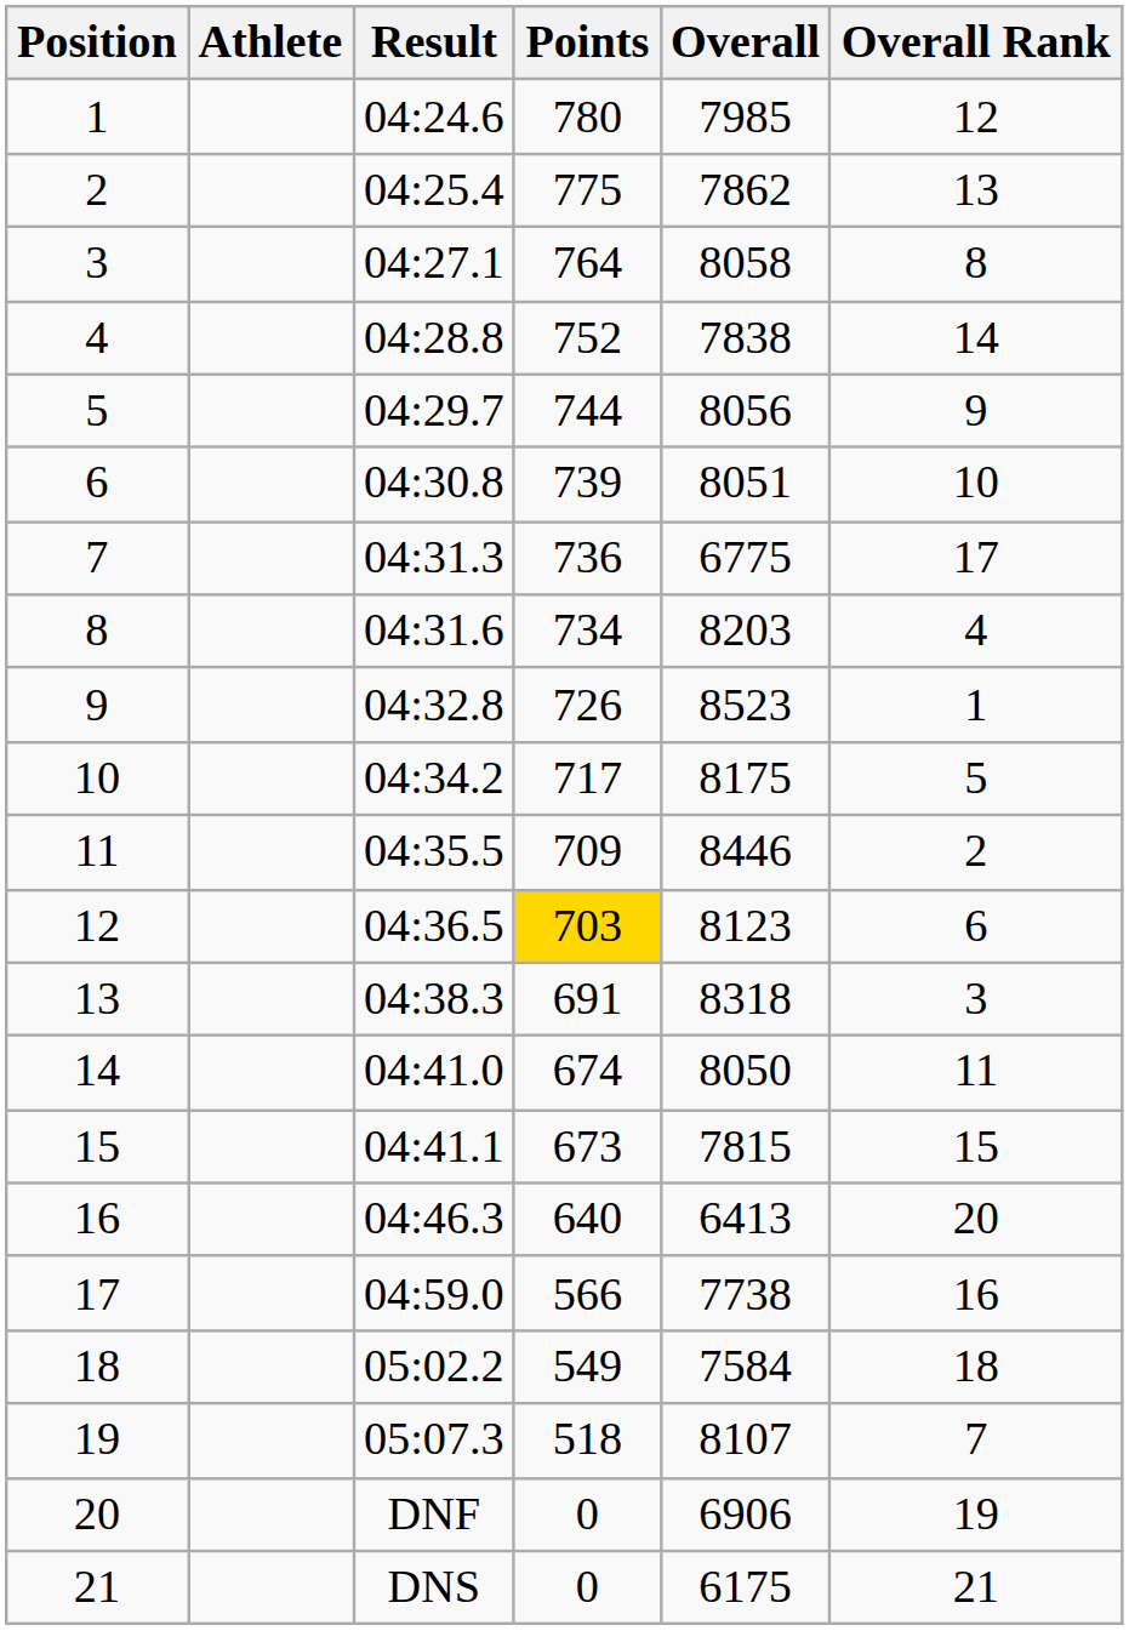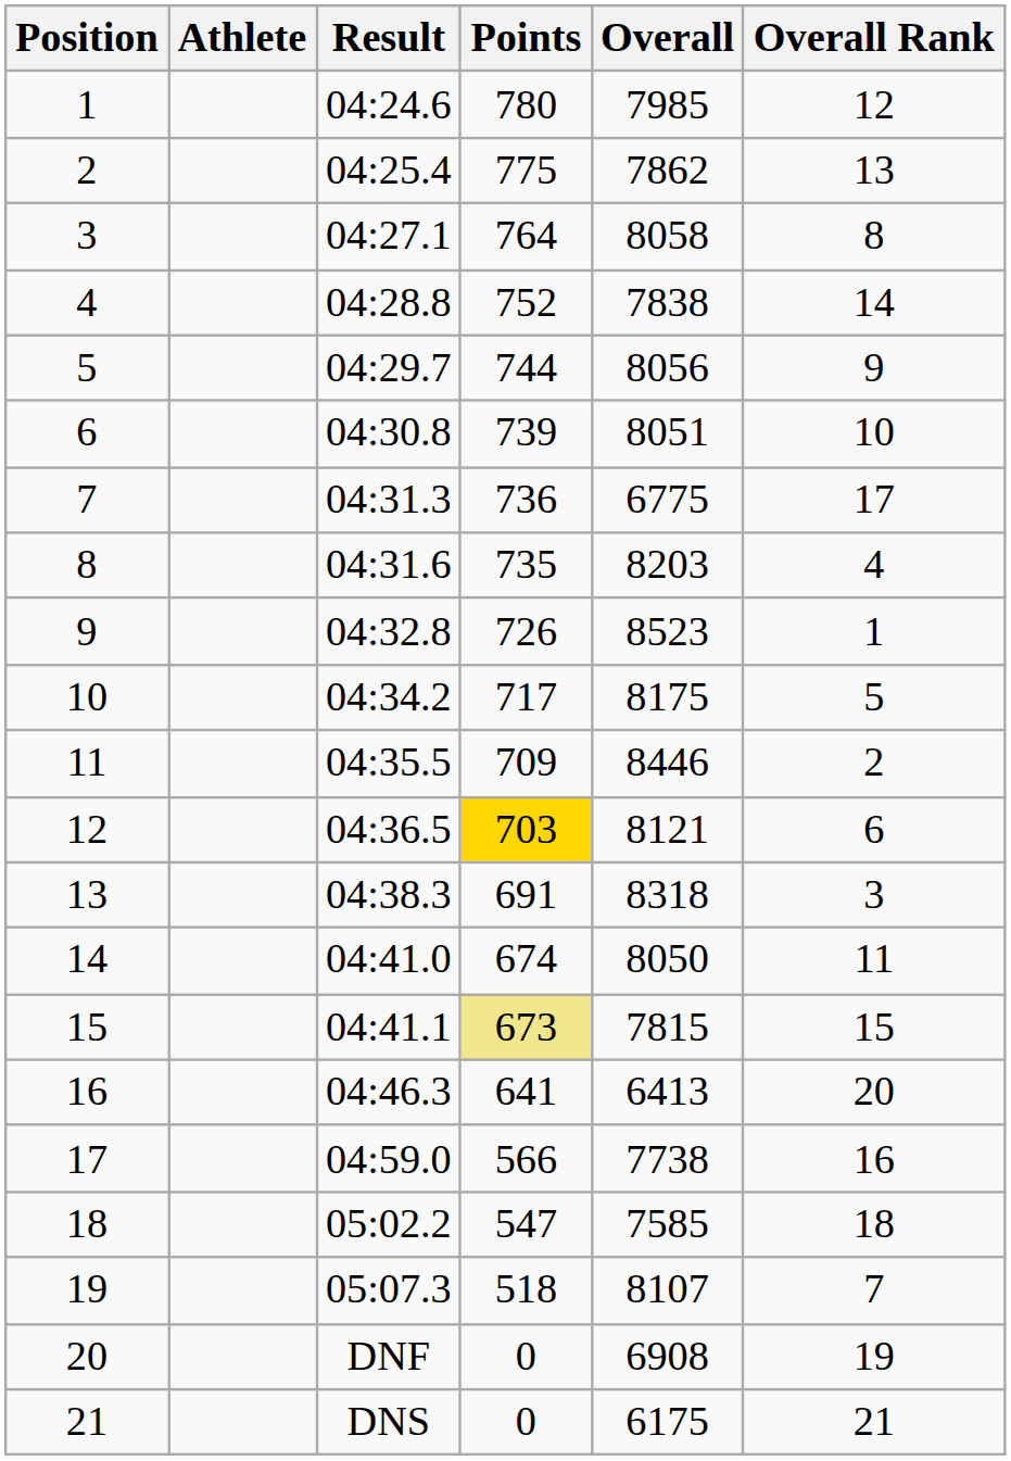 <table class="wikitable sortable" style="text-align:center">
 <tr>
 <th>Position</th>
 <th>Athlete</th>
 <th>Result</th>
 <th>Points</th>
 <th>Overall</th>
 <th>Overall Rank</th>
 </tr>
 <tr>
 <td>1</td>
 <td align=left></td>
 <td>04:24.6</td>
 <td>780</td>
 <td>7985</td>
 <td>12</td>
 </tr>
 <tr>
 <td>2</td>
 <td align=left></td>
 <td>04:25.4</td>
 <td>775</td>
 <td>7862</td>
 <td>13</td>
 </tr>
 <tr>
 <td>3</td>
 <td align=left></td>
 <td>04:27.1</td>
 <td>764</td>
 <td>8058</td>
 <td>8</td>
 </tr>
 <tr>
 <td>4</td>
 <td align=left></td>
 <td>04:28.8</td>
 <td>752</td>
 <td>7838</td>
 <td>14</td>
 </tr>
 <tr>
 <td>5</td>
 <td align=left></td>
 <td>04:29.7</td>
 <td>744</td>
 <td>8056</td>
 <td>9</td>
 </tr>
 <tr>
 <td>6</td>
 <td align=left></td>
 <td>04:30.8</td>
 <td>739</td>
 <td>8051</td>
 <td>10</td>
 </tr>
 <tr>
 <td>7</td>
 <td align=left></td>
 <td>04:31.3</td>
 <td>736</td>
 <td>6775</td>
 <td>17</td>
 </tr>
 <tr>
 <td>8</td>
 <td align=left></td>
 <td>04:31.6</td>
-<td>734</td>
+<td>735</td>
 <td>8203</td>
 <td>4</td>
 </tr>
 <tr>
 <td>9</td>
 <td align=left></td>
 <td>04:32.8</td>
 <td>726</td>
 <td>8523</td>
 <td>1</td>
 </tr>
 <tr>
 <td>10</td>
 <td align=left></td>
 <td>04:34.2</td>
 <td>717</td>
 <td>8175</td>
 <td>5</td>
 </tr>
 <tr>
 <td>11</td>
 <td align=left></td>
 <td>04:35.5</td>
 <td>709</td>
 <td>8446</td>
 <td>2</td>
 </tr>
 <tr>
 <td>12</td>
 <td align=left></td>
 <td>04:36.5</td>
 <td style="background: gold;">703</td>
-<td>8123</td>
+<td>8121</td>
 <td>6</td>
 </tr>
 <tr>
 <td>13</td>
 <td align=left></td>
 <td>04:38.3</td>
 <td>691</td>
 <td>8318</td>
 <td>3</td>
 </tr>
 <tr>
 <td>14</td>
 <td align=left></td>
 <td>04:41.0</td>
 <td>674</td>
 <td>8050</td>
 <td>11</td>
 </tr>
 <tr>
 <td>15</td>
 <td align=left></td>
 <td>04:41.1</td>
-<td>673</td>
+<td style="background: khaki;">673</td>
 <td>7815</td>
 <td>15</td>
 </tr>
 <tr>
 <td>16</td>
 <td align=left></td>
 <td>04:46.3</td>
-<td>640</td>
+<td>641</td>
 <td>6413</td>
 <td>20</td>
 </tr>
 <tr>
 <td>17</td>
 <td align=left></td>
 <td>04:59.0</td>
 <td>566</td>
 <td>7738</td>
 <td>16</td>
 </tr>
 <tr>
 <td>18</td>
 <td align=left></td>
 <td>05:02.2</td>
-<td>549</td>
-<td>7584</td>
+<td>547</td>
+<td>7585</td>
 <td>18</td>
 </tr>
 <tr>
 <td>19</td>
 <td align=left></td>
 <td>05:07.3</td>
 <td>518</td>
 <td>8107</td>
 <td>7</td>
 </tr>
 <tr>
 <td>20</td>
 <td align=left></td>
 <td>DNF</td>
 <td>0</td>
-<td>6906</td>
+<td>6908</td>
 <td>19</td>
 </tr>
 <tr>
 <td>21</td>
 <td align=left></td>
 <td>DNS</td>
 <td>0</td>
 <td>6175</td>
 <td>21</td>
 </tr>
 </table>
